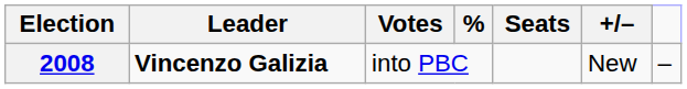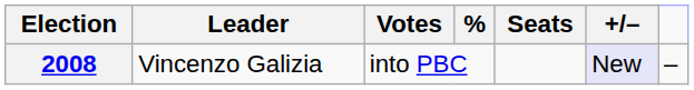 <table class=wikitable style="width:50%; border:1px #AAAAFF solid">
 <tr>
 <th>Election</th>
 <th>Leader</th>
 <th>Votes</th>
 <th>%</th>
 <th>Seats</th>
 <th>+/–</th>
 </tr>
 <tr>
 <th><a href='#'>2008</a></th>
-<td><strong>Vincenzo Galizia</strong></td>
+<td>Vincenzo Galizia</td>
 <td colspan="2">into <a href='#'>PBC</a></td>
 <td></td>
-<td>New</td>
+<td style="background: lavender;">New</td>
 <td>–</td>
 </tr>
 </table>
